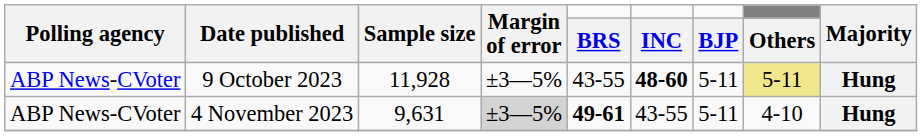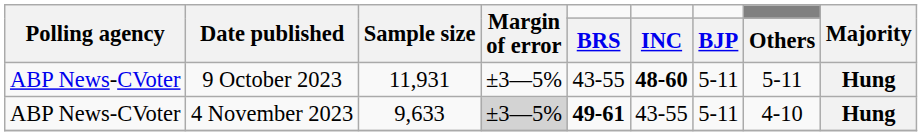 <table class="wikitable" style="text-align:center;font-size:95%;line-height:16px;">
 <tr>
 <th rowspan="2">Polling agency</th>
 <th rowspan="2">Date published</th>
 <th rowspan="2">Sample size</th>
 <th rowspan="2">Margin<br>of error</th>
 <td></td>
 <td></td>
 <td></td>
 <td bgcolor="grey"></td>
 <th rowspan="2">Majority</th>
 </tr>
 <tr>
 <th><a href='#'>BRS</a></th>
 <th><a href='#'>INC</a></th>
 <th><a href='#'>BJP</a></th>
 <th>Others</th>
 </tr>
 <tr>
 <td><a href='#'>ABP News</a>-<a href='#'>CVoter</a></td>
 <td>9 October 2023</td>
-<td>11,928</td>
+<td>11,931</td>
 <td>±3—5%</td>
 <td>43-55</td>
 <td><strong>48-60</strong></td>
 <td>5-11</td>
-<td style="background: khaki;">5-11</td>
+<td>5-11</td>
 <th>Hung</th>
 </tr>
 <tr>
 <td>ABP News-CVoter</td>
 <td>4 November 2023</td>
-<td>9,631</td>
+<td>9,633</td>
 <td style="background: lightgrey;">±3—5%</td>
 <td><strong>49-61</strong></td>
 <td>43-55</td>
 <td>5-11</td>
 <td>4-10</td>
 <th>Hung</th>
 </tr>
 <tr>
 </tr>
 </table>
